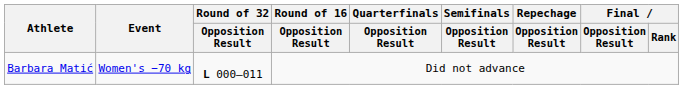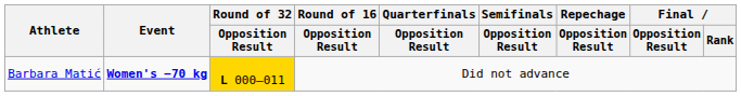 <table class="wikitable" style="font-size:90%">
 <tr>
 <th rowspan="2">Athlete</th>
 <th rowspan="2">Event</th>
 <th>Round of 32</th>
 <th>Round of 16</th>
 <th>Quarterfinals</th>
 <th>Semifinals</th>
 <th>Repechage</th>
 <th colspan=2>Final / </th>
 </tr>
 <tr style="font-size:95%">
 <th>Opposition<br>Result</th>
 <th>Opposition<br>Result</th>
 <th>Opposition<br>Result</th>
 <th>Opposition<br>Result</th>
 <th>Opposition<br>Result</th>
 <th>Opposition<br>Result</th>
 <th>Rank</th>
 </tr>
 <tr align=center>
 <td align=left><a href='#'>Barbara Matić</a></td>
-<td align=left><a href='#'>Women's −70 kg</a></td>
-<td><br><strong>L</strong> 000–011</td>
+<td align=left><strong><a href='#'>Women's −70 kg</a></strong></td>
+<td style="background: gold;"><br><strong>L</strong> 000–011</td>
 <td colspan=6>Did not advance</td>
 </tr>
 </table>
